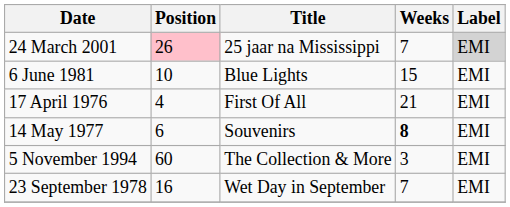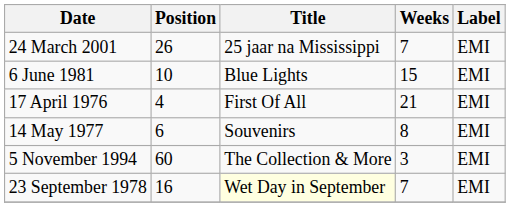 <table class="wikitable">
 <tr>
 <th>Date</th>
 <th>Position</th>
 <th>Title</th>
 <th>Weeks</th>
 <th>Label</th>
 </tr>
 <tr>
 <td>24 March 2001</td>
-<td style="background: pink;">26</td>
+<td>26</td>
 <td>25 jaar na Mississippi</td>
 <td>7</td>
-<td style="background: lightgrey;">EMI</td>
+<td>EMI</td>
 </tr>
 <tr>
 <td>6 June 1981</td>
 <td>10</td>
 <td>Blue Lights</td>
 <td>15</td>
 <td>EMI</td>
 </tr>
 <tr>
 <td>17 April 1976</td>
 <td>4</td>
 <td>First Of All</td>
 <td>21</td>
 <td>EMI</td>
 </tr>
 <tr>
 <td>14 May 1977</td>
 <td>6</td>
 <td>Souvenirs</td>
-<td><strong>8</strong></td>
+<td>8</td>
 <td>EMI</td>
 </tr>
 <tr>
 <td>5 November 1994</td>
 <td>60</td>
 <td>The Collection & More</td>
 <td>3</td>
 <td>EMI</td>
 </tr>
 <tr>
 <td>23 September 1978</td>
 <td>16</td>
-<td>Wet Day in September</td>
+<td style="background: lightyellow;">Wet Day in September</td>
 <td>7</td>
 <td>EMI</td>
 </tr>
 <tr>
 </tr>
 </table>
